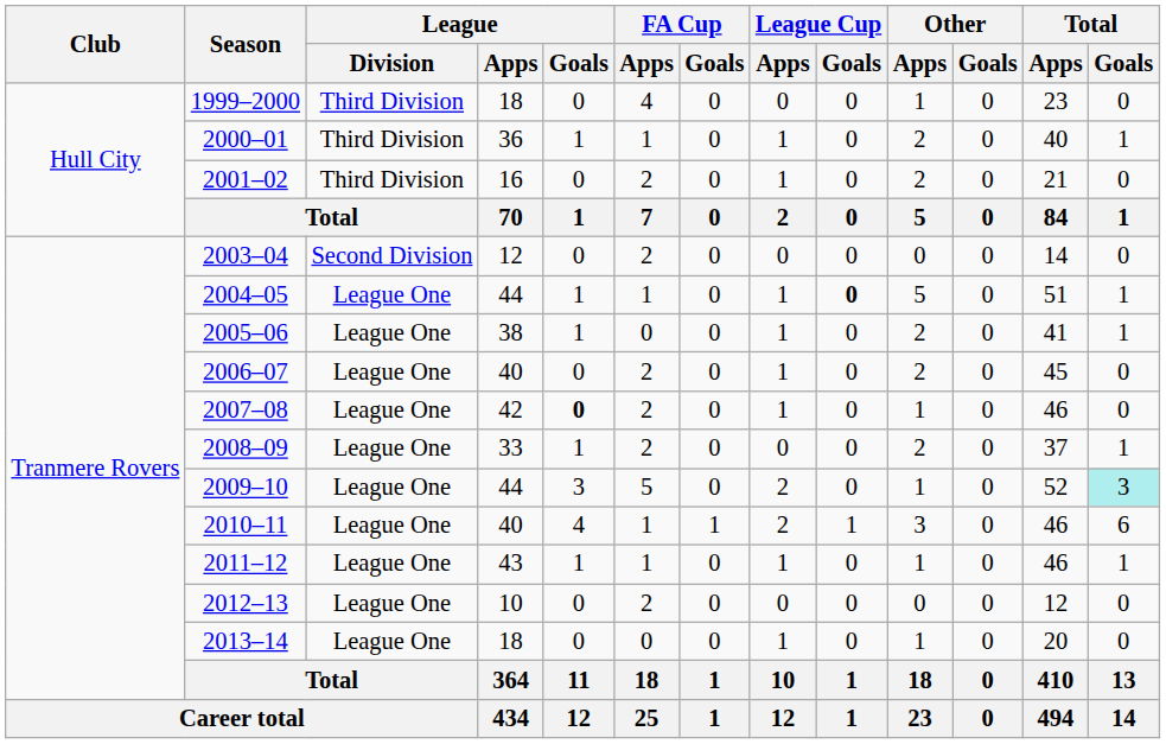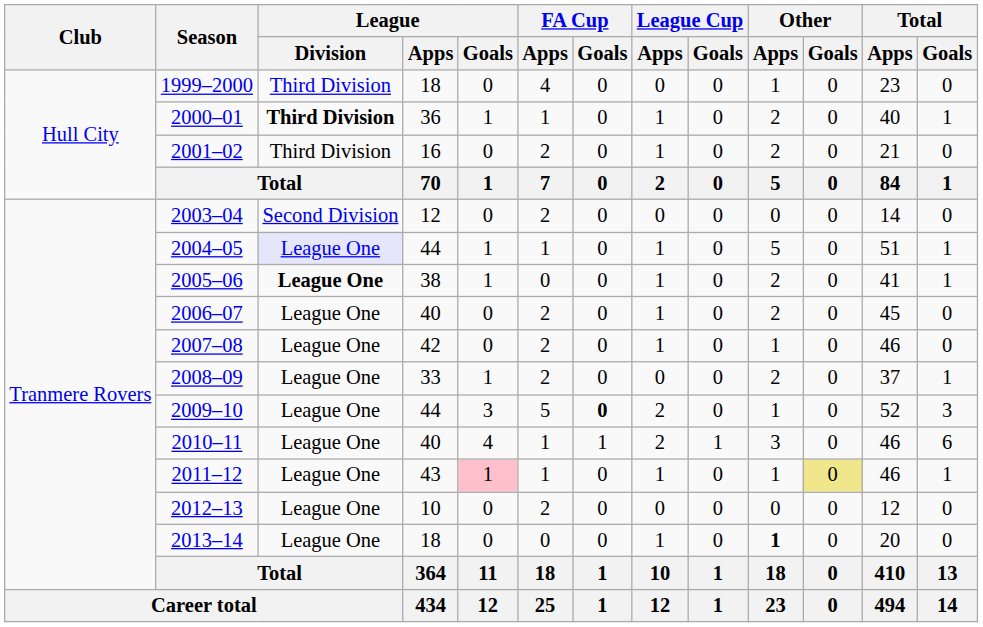 <table class="wikitable" style="text-align:center">
 <tr>
 <th rowspan=2>Club</th>
 <th rowspan=2>Season</th>
 <th colspan=3>League</th>
 <th colspan=2><a href='#'>FA Cup</a></th>
 <th colspan=2><a href='#'>League Cup</a></th>
 <th colspan=2>Other</th>
 <th colspan=2>Total</th>
 </tr>
 <tr>
 <th>Division</th>
 <th>Apps</th>
 <th>Goals</th>
 <th>Apps</th>
 <th>Goals</th>
 <th>Apps</th>
 <th>Goals</th>
 <th>Apps</th>
 <th>Goals</th>
 <th>Apps</th>
 <th>Goals</th>
 </tr>
 <tr>
 <td rowspan=4><a href='#'>Hull City</a></td>
 <td><a href='#'>1999–2000</a></td>
 <td><a href='#'>Third Division</a></td>
 <td>18</td>
 <td>0</td>
 <td>4</td>
 <td>0</td>
 <td>0</td>
 <td>0</td>
 <td>1</td>
 <td>0</td>
 <td>23</td>
 <td>0</td>
 </tr>
 <tr>
 <td><a href='#'>2000–01</a></td>
-<td>Third Division</td>
+<td><strong>Third Division</strong></td>
 <td>36</td>
 <td>1</td>
 <td>1</td>
 <td>0</td>
 <td>1</td>
 <td>0</td>
 <td>2</td>
 <td>0</td>
 <td>40</td>
 <td>1</td>
 </tr>
 <tr>
 <td><a href='#'>2001–02</a></td>
 <td>Third Division</td>
 <td>16</td>
 <td>0</td>
 <td>2</td>
 <td>0</td>
 <td>1</td>
 <td>0</td>
 <td>2</td>
 <td>0</td>
 <td>21</td>
 <td>0</td>
 </tr>
 <tr>
 <th colspan=2>Total</th>
 <th>70</th>
 <th>1</th>
 <th>7</th>
 <th>0</th>
 <th>2</th>
 <th>0</th>
 <th>5</th>
 <th>0</th>
 <th>84</th>
 <th>1</th>
 </tr>
 <tr>
 <td rowspan=12><a href='#'>Tranmere Rovers</a></td>
 <td><a href='#'>2003–04</a></td>
 <td><a href='#'>Second Division</a></td>
 <td>12</td>
 <td>0</td>
 <td>2</td>
 <td>0</td>
 <td>0</td>
 <td>0</td>
 <td>0</td>
 <td>0</td>
 <td>14</td>
 <td>0</td>
 </tr>
 <tr>
 <td><a href='#'>2004–05</a></td>
-<td><a href='#'>League One</a></td>
+<td style="background: lavender;"><a href='#'>League One</a></td>
 <td>44</td>
 <td>1</td>
 <td>1</td>
 <td>0</td>
 <td>1</td>
-<td><strong>0</strong></td>
+<td>0</td>
 <td>5</td>
 <td>0</td>
 <td>51</td>
 <td>1</td>
 </tr>
 <tr>
 <td><a href='#'>2005–06</a></td>
-<td>League One</td>
+<td><strong>League One</strong></td>
 <td>38</td>
 <td>1</td>
 <td>0</td>
 <td>0</td>
 <td>1</td>
 <td>0</td>
 <td>2</td>
 <td>0</td>
 <td>41</td>
 <td>1</td>
 </tr>
 <tr>
 <td><a href='#'>2006–07</a></td>
 <td>League One</td>
 <td>40</td>
 <td>0</td>
 <td>2</td>
 <td>0</td>
 <td>1</td>
 <td>0</td>
 <td>2</td>
 <td>0</td>
 <td>45</td>
 <td>0</td>
 </tr>
 <tr>
 <td><a href='#'>2007–08</a></td>
 <td>League One</td>
 <td>42</td>
-<td><strong>0</strong></td>
+<td>0</td>
 <td>2</td>
 <td>0</td>
 <td>1</td>
 <td>0</td>
 <td>1</td>
 <td>0</td>
 <td>46</td>
 <td>0</td>
 </tr>
 <tr>
 <td><a href='#'>2008–09</a></td>
 <td>League One</td>
 <td>33</td>
 <td>1</td>
 <td>2</td>
 <td>0</td>
 <td>0</td>
 <td>0</td>
 <td>2</td>
 <td>0</td>
 <td>37</td>
 <td>1</td>
 </tr>
 <tr>
 <td><a href='#'>2009–10</a></td>
 <td>League One</td>
 <td>44</td>
 <td>3</td>
 <td>5</td>
-<td>0</td>
+<td><strong>0</strong></td>
 <td>2</td>
 <td>0</td>
 <td>1</td>
 <td>0</td>
 <td>52</td>
-<td style="background: paleturquoise;">3</td>
+<td>3</td>
 </tr>
 <tr>
 <td><a href='#'>2010–11</a></td>
 <td>League One</td>
 <td>40</td>
 <td>4</td>
 <td>1</td>
 <td>1</td>
 <td>2</td>
 <td>1</td>
 <td>3</td>
 <td>0</td>
 <td>46</td>
 <td>6</td>
 </tr>
 <tr>
 <td><a href='#'>2011–12</a></td>
 <td>League One</td>
 <td>43</td>
-<td>1</td>
+<td style="background: pink;">1</td>
 <td>1</td>
 <td>0</td>
 <td>1</td>
 <td>0</td>
 <td>1</td>
-<td>0</td>
+<td style="background: khaki;">0</td>
 <td>46</td>
 <td>1</td>
 </tr>
 <tr>
 <td><a href='#'>2012–13</a></td>
 <td>League One</td>
 <td>10</td>
 <td>0</td>
 <td>2</td>
 <td>0</td>
 <td>0</td>
 <td>0</td>
 <td>0</td>
 <td>0</td>
 <td>12</td>
 <td>0</td>
 </tr>
 <tr>
 <td><a href='#'>2013–14</a></td>
 <td>League One</td>
 <td>18</td>
 <td>0</td>
 <td>0</td>
 <td>0</td>
 <td>1</td>
 <td>0</td>
-<td>1</td>
+<td><strong>1</strong></td>
 <td>0</td>
 <td>20</td>
 <td>0</td>
 </tr>
 <tr>
 <th colspan=2>Total</th>
 <th>364</th>
 <th>11</th>
 <th>18</th>
 <th>1</th>
 <th>10</th>
 <th>1</th>
 <th>18</th>
 <th>0</th>
 <th>410</th>
 <th>13</th>
 </tr>
 <tr>
 <th colspan=3>Career total</th>
 <th>434</th>
 <th>12</th>
 <th>25</th>
 <th>1</th>
 <th>12</th>
 <th>1</th>
 <th>23</th>
 <th>0</th>
 <th>494</th>
 <th>14</th>
 </tr>
 </table>
